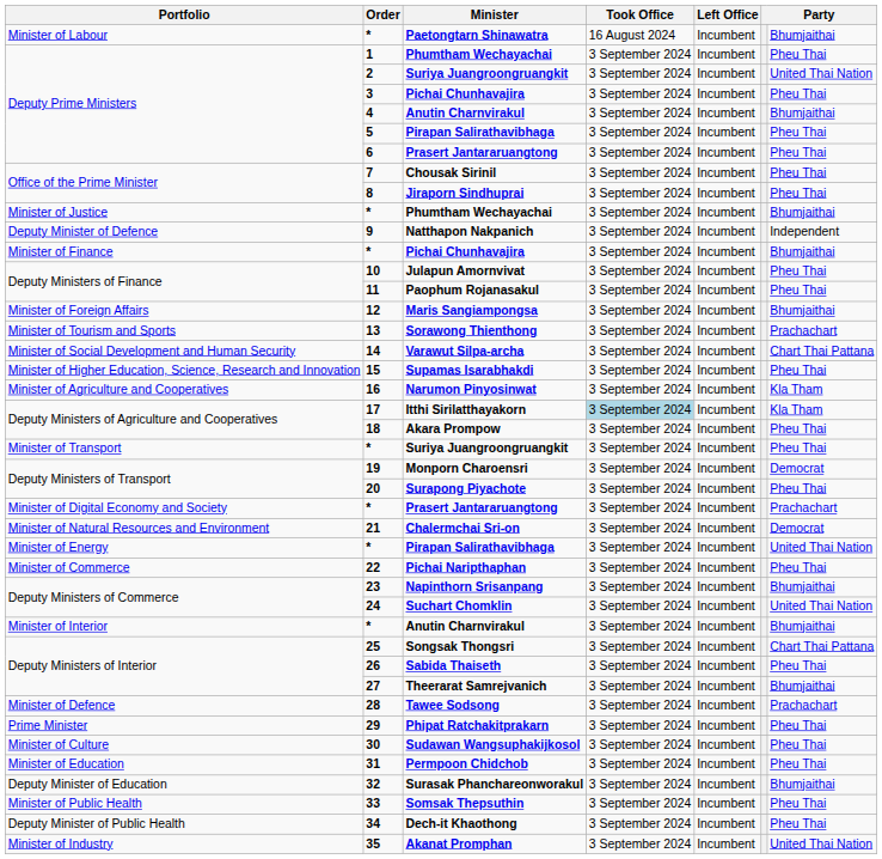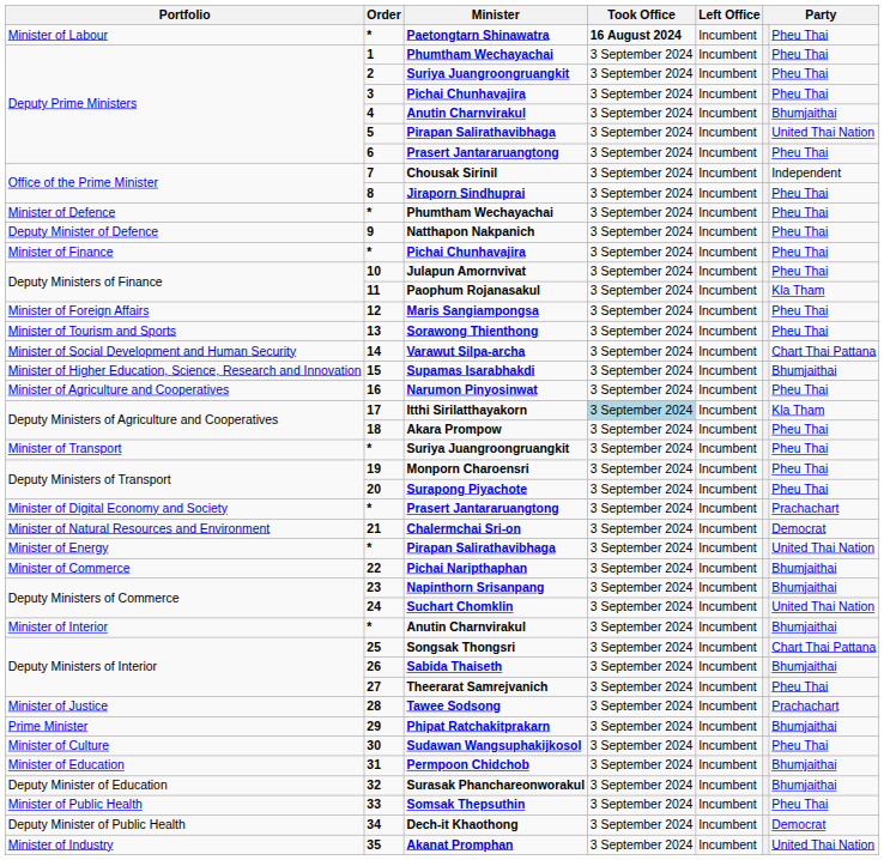 <table class="wikitable">
 <tr>
 <th>Portfolio</th>
 <th>Order</th>
 <th>Minister</th>
 <th>Took Office</th>
 <th>Left Office</th>
 <th colspan="2">Party</th>
 </tr>
 <tr>
 <td><a href='#'>Minister of Labour</a></td>
 <td><strong>*</strong></td>
 <td><strong><a href='#'>Paetongtarn Shinawatra</a></strong></td>
-<td>16 August 2024</td>
+<td><strong>16 August 2024</strong></td>
 <td>Incumbent</td>
 <th style="background-color: "></th>
-<td><a href='#'>Bhumjaithai</a></td>
+<td><a href='#'>Pheu Thai</a></td>
 </tr>
 <tr>
 <td rowspan="6"><a href='#'>Deputy Prime Ministers</a></td>
 <td><strong>1</strong></td>
 <td><strong><a href='#'>Phumtham Wechayachai</a></strong></td>
 <td>3 September 2024</td>
 <td>Incumbent</td>
 <th style="background-color: "></th>
 <td><a href='#'>Pheu Thai</a></td>
 </tr>
 <tr>
 <td><strong>2</strong></td>
 <td><strong><a href='#'>Suriya Juangroongruangkit</a></strong></td>
 <td>3 September 2024</td>
 <td>Incumbent</td>
 <th style="background-color: "></th>
-<td><a href='#'>United Thai Nation</a></td>
+<td><a href='#'>Pheu Thai</a></td>
 </tr>
 <tr>
 <td><strong>3</strong></td>
 <td><strong><a href='#'>Pichai Chunhavajira</a></strong></td>
 <td>3 September 2024</td>
 <td>Incumbent</td>
 <th style="background-color: "></th>
 <td><a href='#'>Pheu Thai</a></td>
 </tr>
 <tr>
 <td><strong>4</strong></td>
 <td><strong><a href='#'>Anutin Charnvirakul</a></strong></td>
 <td>3 September 2024</td>
 <td>Incumbent</td>
 <th style="background-color: "></th>
 <td><a href='#'>Bhumjaithai</a></td>
 </tr>
 <tr>
 <td><strong>5</strong></td>
 <td><strong><a href='#'>Pirapan Salirathavibhaga</a></strong></td>
 <td>3 September 2024</td>
 <td>Incumbent</td>
 <th style="background-color: "></th>
-<td><a href='#'>Pheu Thai</a></td>
+<td><a href='#'>United Thai Nation</a></td>
 </tr>
 <tr>
 <td><strong>6</strong></td>
 <td><strong><a href='#'>Prasert Jantararuangtong</a></strong></td>
 <td>3 September 2024</td>
 <td>Incumbent</td>
 <th style="background-color: "></th>
 <td><a href='#'>Pheu Thai</a></td>
 </tr>
 <tr>
 <td rowspan=2><a href='#'>Office of the Prime Minister</a></td>
 <td><strong>7</strong></td>
 <td><strong>Chousak Sirinil</strong></td>
 <td>3 September 2024</td>
 <td>Incumbent</td>
 <th style="background-color: "></th>
-<td><a href='#'>Pheu Thai</a></td>
+<td>Independent</td>
 </tr>
 <tr>
 <td><strong>8</strong></td>
 <td><strong><a href='#'>Jiraporn Sindhuprai</a></strong></td>
 <td>3 September 2024</td>
 <td>Incumbent</td>
 <th style="background-color: "></th>
 <td><a href='#'>Pheu Thai</a></td>
 </tr>
 <tr>
-<td><a href='#'>Minister of Justice</a></td>
+<td><a href='#'>Minister of Defence</a></td>
 <td><strong>*</strong></td>
 <td><strong>Phumtham Wechayachai</strong></td>
 <td>3 September 2024</td>
 <td>Incumbent</td>
 <th style="background-color: "></th>
-<td><a href='#'>Bhumjaithai</a></td>
+<td><a href='#'>Pheu Thai</a></td>
 </tr>
 <tr>
 <td><a href='#'>Deputy Minister of Defence</a></td>
 <td><strong>9</strong></td>
 <td><strong>Natthapon Nakpanich</strong></td>
 <td>3 September 2024</td>
 <td>Incumbent</td>
 <th style="background: repeating-linear-gradient(-45deg, "></th>
-<td>Independent</td>
+<td><a href='#'>Pheu Thai</a></td>
 </tr>
 <tr>
 <td><a href='#'>Minister of Finance</a></td>
 <td><strong>*</strong></td>
 <td><strong><a href='#'>Pichai Chunhavajira</a></strong></td>
 <td>3 September 2024</td>
 <td>Incumbent</td>
 <th style="background-color: "></th>
-<td><a href='#'>Bhumjaithai</a></td>
+<td><a href='#'>Pheu Thai</a></td>
 </tr>
 <tr>
 <td rowspan="2">Deputy Ministers of Finance</td>
 <td><strong>10</strong></td>
 <td><strong>Julapun Amornvivat</strong></td>
 <td>3 September 2024</td>
 <td>Incumbent</td>
 <th style="background-color: "></th>
 <td><a href='#'>Pheu Thai</a></td>
 </tr>
 <tr>
 <td><strong>11</strong></td>
 <td><strong>Paophum Rojanasakul</strong></td>
 <td>3 September 2024</td>
 <td>Incumbent</td>
 <th style="background-color: "></th>
-<td><a href='#'>Pheu Thai</a></td>
+<td><a href='#'>Kla Tham</a></td>
 </tr>
 <tr>
 <td><a href='#'>Minister of Foreign Affairs</a></td>
 <td><strong>12</strong></td>
 <td><strong><a href='#'>Maris Sangiampongsa</a></strong></td>
 <td>3 September 2024</td>
 <td>Incumbent</td>
 <th style="background-color: "></th>
-<td><a href='#'>Bhumjaithai</a></td>
+<td><a href='#'>Pheu Thai</a></td>
 </tr>
 <tr>
 <td><a href='#'>Minister of Tourism and Sports</a></td>
 <td><strong>13</strong></td>
 <td><strong><a href='#'>Sorawong Thienthong</a></strong></td>
 <td>3 September 2024</td>
 <td>Incumbent</td>
 <th style="background-color: "></th>
-<td><a href='#'>Prachachart</a></td>
+<td><a href='#'>Pheu Thai</a></td>
 </tr>
 <tr>
 <td><a href='#'>Minister of Social Development and Human Security</a></td>
 <td><strong>14</strong></td>
 <td><strong><a href='#'>Varawut Silpa-archa</a></strong></td>
 <td>3 September 2024</td>
 <td>Incumbent</td>
 <th style="background-color: "></th>
 <td><a href='#'>Chart Thai Pattana</a></td>
 </tr>
 <tr>
 <td><a href='#'>Minister of Higher Education, Science, Research and Innovation</a></td>
 <td><strong>15</strong></td>
 <td><strong><a href='#'>Supamas Isarabhakdi</a></strong></td>
 <td>3 September 2024</td>
 <td>Incumbent</td>
 <th style="background-color: "></th>
-<td><a href='#'>Pheu Thai</a></td>
+<td><a href='#'>Bhumjaithai</a></td>
 </tr>
 <tr>
 <td><a href='#'>Minister of Agriculture and Cooperatives</a></td>
 <td><strong>16</strong></td>
 <td><strong><a href='#'>Narumon Pinyosinwat</a></strong></td>
 <td>3 September 2024</td>
 <td>Incumbent</td>
 <th style="background-color: "></th>
-<td><a href='#'>Kla Tham</a></td>
+<td><a href='#'>Pheu Thai</a></td>
 </tr>
 <tr>
 <td rowspan=2>Deputy Ministers of Agriculture and Cooperatives</td>
 <td><strong>17</strong></td>
 <td><strong>Itthi Sirilatthayakorn</strong></td>
 <td style="background: lightblue;">3 September 2024</td>
 <td>Incumbent</td>
 <th style="background-color: "></th>
 <td><a href='#'>Kla Tham</a></td>
 </tr>
 <tr>
 <td><strong>18</strong></td>
 <td><strong>Akara Prompow</strong></td>
 <td>3 September 2024</td>
 <td>Incumbent</td>
 <th style="background-color: "></th>
 <td><a href='#'>Pheu Thai</a></td>
 </tr>
 <tr>
 <td><a href='#'>Minister of Transport</a></td>
 <td><strong>*</strong></td>
 <td><strong>Suriya Juangroongruangkit</strong></td>
 <td>3 September 2024</td>
 <td>Incumbent</td>
 <th style="background-color: "></th>
 <td><a href='#'>Pheu Thai</a></td>
 </tr>
 <tr>
 <td rowspan="2">Deputy Ministers of Transport</td>
 <td><strong>19</strong></td>
 <td><strong>Monporn Charoensri</strong></td>
 <td>3 September 2024</td>
 <td>Incumbent</td>
 <th style="background-color: "></th>
-<td><a href='#'>Democrat</a></td>
+<td><a href='#'>Pheu Thai</a></td>
 </tr>
 <tr>
 <td><strong>20</strong></td>
 <td><strong><a href='#'>Surapong Piyachote</a></strong></td>
 <td>3 September 2024</td>
 <td>Incumbent</td>
 <th style="background-color: "></th>
 <td><a href='#'>Pheu Thai</a></td>
 </tr>
 <tr>
 <td><a href='#'>Minister of Digital Economy and Society</a></td>
 <td><strong>*</strong></td>
 <td><strong><a href='#'>Prasert Jantararuangtong</a></strong></td>
 <td>3 September 2024</td>
 <td>Incumbent</td>
 <th style="background-color: "></th>
 <td><a href='#'>Prachachart</a></td>
 </tr>
 <tr>
 <td><a href='#'>Minister of Natural Resources and Environment</a></td>
 <td><strong>21</strong></td>
 <td><strong><a href='#'>Chalermchai Sri-on</a></strong></td>
 <td>3 September 2024</td>
 <td>Incumbent</td>
 <th style="background-color: "></th>
 <td><a href='#'>Democrat</a></td>
 </tr>
 <tr>
 <td><a href='#'>Minister of Energy</a></td>
 <td><strong>*</strong></td>
 <td><strong><a href='#'>Pirapan Salirathavibhaga</a></strong></td>
 <td>3 September 2024</td>
 <td>Incumbent</td>
 <th style="background-color: "></th>
 <td><a href='#'>United Thai Nation</a></td>
 </tr>
 <tr>
 <td><a href='#'>Minister of Commerce</a></td>
 <td><strong>22</strong></td>
 <td><strong><a href='#'>Pichai Naripthaphan</a></strong></td>
 <td>3 September 2024</td>
 <td>Incumbent</td>
 <th style="background-color: "></th>
-<td><a href='#'>Pheu Thai</a></td>
+<td><a href='#'>Bhumjaithai</a></td>
 </tr>
 <tr>
 <td rowspan=2>Deputy Ministers of Commerce</td>
 <td><strong>23</strong></td>
 <td><strong><a href='#'>Napinthorn Srisanpang</a></strong></td>
 <td>3 September 2024</td>
 <td>Incumbent</td>
 <th style="background-color: "></th>
 <td><a href='#'>Bhumjaithai</a></td>
 </tr>
 <tr>
 <td><strong>24</strong></td>
 <td><strong><a href='#'>Suchart Chomklin</a></strong></td>
 <td>3 September 2024</td>
 <td>Incumbent</td>
 <th style="background-color: "></th>
 <td><a href='#'>United Thai Nation</a></td>
 </tr>
 <tr>
 <td><a href='#'>Minister of Interior</a></td>
 <td><strong>*</strong></td>
 <td><strong>Anutin Charnvirakul</strong></td>
 <td>3 September 2024</td>
 <td>Incumbent</td>
 <th style="background-color: "></th>
 <td><a href='#'>Bhumjaithai</a></td>
 </tr>
 <tr>
 <td rowspan="3">Deputy Ministers of Interior</td>
 <td><strong>25</strong></td>
 <td><strong>Songsak Thongsri</strong></td>
 <td>3 September 2024</td>
 <td>Incumbent</td>
 <th style="background-color: "></th>
 <td><a href='#'>Chart Thai Pattana</a></td>
 </tr>
 <tr>
 <td><strong>26</strong></td>
 <td><strong><a href='#'>Sabida Thaiseth</a></strong></td>
 <td>3 September 2024</td>
 <td>Incumbent</td>
 <th style="background-color: "></th>
-<td><a href='#'>Pheu Thai</a></td>
+<td><a href='#'>Bhumjaithai</a></td>
 </tr>
 <tr>
 <td><strong>27</strong></td>
 <td><strong>Theerarat Samrejvanich</strong></td>
 <td>3 September 2024</td>
 <td>Incumbent</td>
 <th style="background-color: "></th>
-<td><a href='#'>Bhumjaithai</a></td>
+<td><a href='#'>Pheu Thai</a></td>
 </tr>
 <tr>
-<td><a href='#'>Minister of Defence</a></td>
+<td><a href='#'>Minister of Justice</a></td>
 <td><strong>28</strong></td>
 <td><strong><a href='#'>Tawee Sodsong</a></strong></td>
 <td>3 September 2024</td>
 <td>Incumbent</td>
 <th style="background-color: "></th>
 <td><a href='#'>Prachachart</a></td>
 </tr>
 <tr>
 <td><a href='#'>Prime Minister</a></td>
 <td><strong>29</strong></td>
 <td><strong><a href='#'>Phipat Ratchakitprakarn</a></strong></td>
 <td>3 September 2024</td>
 <td>Incumbent</td>
 <th style="background-color: "></th>
-<td><a href='#'>Pheu Thai</a></td>
+<td><a href='#'>Bhumjaithai</a></td>
 </tr>
 <tr>
 <td><a href='#'>Minister of Culture</a></td>
 <td><strong>30</strong></td>
 <td><strong><a href='#'>Sudawan Wangsuphakijkosol</a></strong></td>
 <td>3 September 2024</td>
 <td>Incumbent</td>
 <th style="background-color: "></th>
 <td><a href='#'>Pheu Thai</a></td>
 </tr>
 <tr>
 <td><a href='#'>Minister of Education</a></td>
 <td><strong>31</strong></td>
 <td><strong><a href='#'>Permpoon Chidchob</a></strong></td>
 <td>3 September 2024</td>
 <td>Incumbent</td>
 <th style="background-color: "></th>
-<td><a href='#'>Pheu Thai</a></td>
+<td><a href='#'>Bhumjaithai</a></td>
 </tr>
 <tr>
 <td>Deputy Minister of Education</td>
 <td><strong>32</strong></td>
 <td><strong>Surasak Phanchareonworakul</strong></td>
 <td>3 September 2024</td>
 <td>Incumbent</td>
 <th style="background-color: "></th>
 <td><a href='#'>Bhumjaithai</a></td>
 </tr>
 <tr>
 <td><a href='#'>Minister of Public Health</a></td>
 <td><strong>33</strong></td>
 <td><strong><a href='#'>Somsak Thepsuthin</a></strong></td>
 <td>3 September 2024</td>
 <td>Incumbent</td>
 <th style="background-color: "></th>
 <td><a href='#'>Pheu Thai</a></td>
 </tr>
 <tr>
 <td>Deputy Minister of Public Health</td>
 <td><strong>34</strong></td>
 <td><strong>Dech-it Khaothong</strong></td>
 <td>3 September 2024</td>
 <td>Incumbent</td>
 <th style="background-color: "></th>
-<td><a href='#'>Pheu Thai</a></td>
+<td><a href='#'>Democrat</a></td>
 </tr>
 <tr>
 <td><a href='#'>Minister of Industry</a></td>
 <td><strong>35</strong></td>
 <td><strong><a href='#'>Akanat Promphan</a></strong></td>
 <td>3 September 2024</td>
 <td>Incumbent</td>
 <th style="background-color: "></th>
 <td><a href='#'>United Thai Nation</a></td>
 </tr>
 </table>
